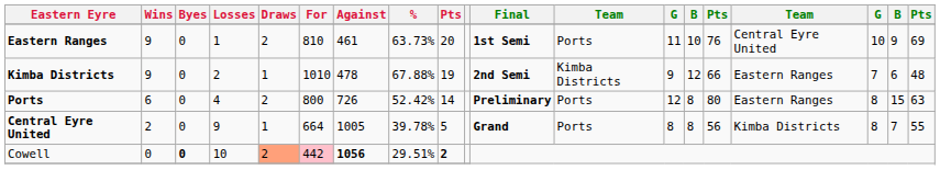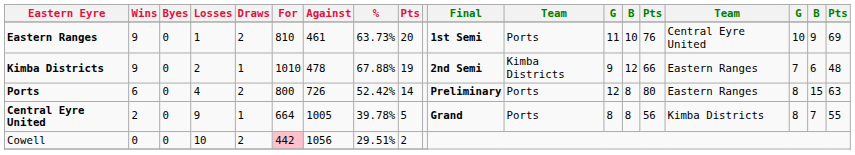 <table style="font-size: 85%; text-align: left;" class="wikitable">
 <tr>
 <th style="color:crimson">Eastern Eyre</th>
 <th style="color:crimson">Wins</th>
 <th style="color:crimson">Byes</th>
 <th style="color:crimson">Losses</th>
 <th style="color:crimson">Draws</th>
 <th style="color:crimson">For</th>
 <th style="color:crimson">Against</th>
 <th style="color:crimson">%</th>
 <th style="color:crimson">Pts</th>
 <th></th>
 <th style="color:green">Final</th>
 <th style="color:green">Team</th>
 <th style="color:green">G</th>
 <th style="color:green">B</th>
 <th style="color:green">Pts</th>
 <th style="color:green">Team</th>
 <th style="color:green">G</th>
 <th style="color:green">B</th>
 <th style="color:green">Pts</th>
 </tr>
 <tr>
 </tr>
 <tr>
 </tr>
 <tr>
 <td><strong>	Eastern Ranges	</strong></td>
 <td>9</td>
 <td>0</td>
 <td>1</td>
 <td>2</td>
 <td>810</td>
 <td>461</td>
 <td>63.73%</td>
 <td>20</td>
 <td></td>
 <td><strong>1st Semi</strong></td>
 <td>Ports</td>
 <td>11</td>
 <td>10</td>
 <td>76</td>
 <td>Central Eyre United</td>
 <td>10</td>
 <td>9</td>
 <td>69</td>
 </tr>
 <tr>
 <td><strong>	Kimba Districts	</strong></td>
 <td>9</td>
 <td>0</td>
 <td>2</td>
 <td>1</td>
 <td>1010</td>
 <td>478</td>
 <td>67.88%</td>
 <td>19</td>
 <td></td>
 <td><strong>2nd Semi</strong></td>
 <td>Kimba Districts</td>
 <td>9</td>
 <td>12</td>
 <td>66</td>
 <td>Eastern Ranges</td>
 <td>7</td>
 <td>6</td>
 <td>48</td>
 </tr>
 <tr>
 <td><strong>	Ports	</strong></td>
 <td>6</td>
 <td>0</td>
 <td>4</td>
 <td>2</td>
 <td>800</td>
 <td>726</td>
 <td>52.42%</td>
 <td>14</td>
 <td></td>
 <td><strong>Preliminary</strong></td>
 <td>Ports</td>
 <td>12</td>
 <td>8</td>
 <td>80</td>
 <td>Eastern Ranges</td>
 <td>8</td>
 <td>15</td>
 <td>63</td>
 </tr>
 <tr>
 <td><strong>	Central Eyre United	</strong></td>
 <td>2</td>
 <td>0</td>
 <td>9</td>
 <td>1</td>
 <td>664</td>
 <td>1005</td>
 <td>39.78%</td>
 <td>5</td>
 <td></td>
 <td><strong>Grand</strong></td>
 <td>Ports</td>
 <td>8</td>
 <td>8</td>
 <td>56</td>
 <td>Kimba Districts</td>
 <td>8</td>
 <td>7</td>
 <td>55</td>
 </tr>
 <tr>
 <td>Cowell</td>
 <td>0</td>
-<td><strong>0</strong></td>
+<td>0</td>
 <td>10</td>
-<td style="background: lightsalmon;">2</td>
+<td>2</td>
 <td style="background: pink;">442</td>
-<td><strong>1056</strong></td>
+<td>1056</td>
 <td>29.51%</td>
-<td><strong>2</strong></td>
+<td>2</td>
 <td></td>
 </tr>
 <tr>
 </tr>
 </table>
